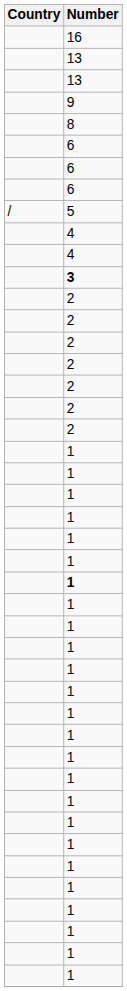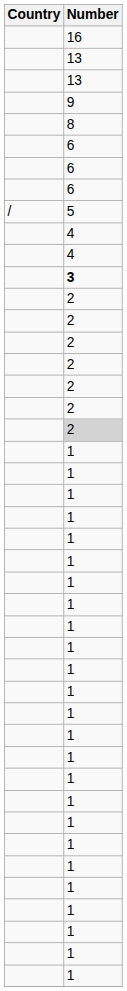 <table class="wikitable sortable">
 <tr>
 <th>Country</th>
 <th>Number</th>
 </tr>
 <tr>
 <td></td>
 <td>16</td>
 </tr>
 <tr>
 <td></td>
 <td>13</td>
 </tr>
 <tr>
 <td></td>
 <td>13</td>
 </tr>
 <tr>
 <td></td>
 <td>9</td>
 </tr>
 <tr>
 <td></td>
 <td>8</td>
 </tr>
 <tr>
 <td></td>
 <td>6</td>
 </tr>
 <tr>
 <td></td>
 <td>6</td>
 </tr>
 <tr>
 <td></td>
 <td>6</td>
 </tr>
 <tr>
 <td>/</td>
 <td>5</td>
 </tr>
 <tr>
 <td></td>
 <td>4</td>
 </tr>
 <tr>
 <td></td>
 <td>4</td>
 </tr>
 <tr>
 <td></td>
 <td><strong>3</strong></td>
 </tr>
 <tr>
 <td></td>
 <td>2</td>
 </tr>
 <tr>
 <td></td>
 <td>2</td>
 </tr>
 <tr>
 <td></td>
 <td>2</td>
 </tr>
 <tr>
 <td></td>
 <td>2</td>
 </tr>
 <tr>
 <td></td>
 <td>2</td>
 </tr>
 <tr>
 <td></td>
 <td>2</td>
 </tr>
 <tr>
 <td></td>
-<td>2</td>
+<td style="background: lightgrey;">2</td>
 </tr>
 <tr>
 <td></td>
 <td>1</td>
 </tr>
 <tr>
 <td></td>
 <td>1</td>
 </tr>
 <tr>
 <td></td>
 <td>1</td>
 </tr>
 <tr>
 <td></td>
 <td>1</td>
 </tr>
 <tr>
 <td></td>
 <td>1</td>
 </tr>
 <tr>
 <td></td>
 <td>1</td>
 </tr>
 <tr>
 <td></td>
-<td><strong>1</strong></td>
+<td>1</td>
 </tr>
 <tr>
 <td></td>
 <td>1</td>
 </tr>
 <tr>
 <td></td>
 <td>1</td>
 </tr>
 <tr>
 <td></td>
 <td>1</td>
 </tr>
 <tr>
 <td></td>
 <td>1</td>
 </tr>
 <tr>
 <td></td>
 <td>1</td>
 </tr>
 <tr>
 <td></td>
 <td>1</td>
 </tr>
 <tr>
 <td></td>
 <td>1</td>
 </tr>
 <tr>
 <td></td>
 <td>1</td>
 </tr>
 <tr>
 <td></td>
 <td>1</td>
 </tr>
 <tr>
 <td></td>
 <td>1</td>
 </tr>
 <tr>
 <td></td>
 <td>1</td>
 </tr>
 <tr>
 <td></td>
 <td>1</td>
 </tr>
 <tr>
 <td></td>
 <td>1</td>
 </tr>
 <tr>
 <td></td>
 <td>1</td>
 </tr>
 <tr>
 <td></td>
 <td>1</td>
 </tr>
 <tr>
 <td></td>
 <td>1</td>
 </tr>
 <tr>
 <td></td>
 <td>1</td>
 </tr>
 <tr>
 <td></td>
 <td>1</td>
 </tr>
 <tr>
 </tr>
 </table>
